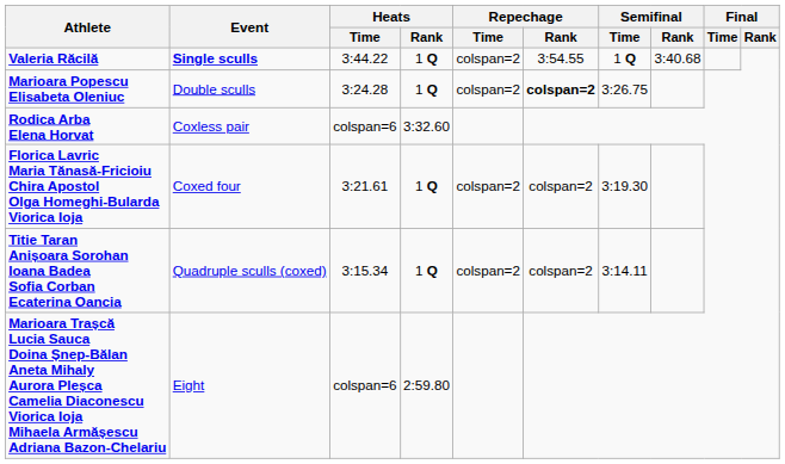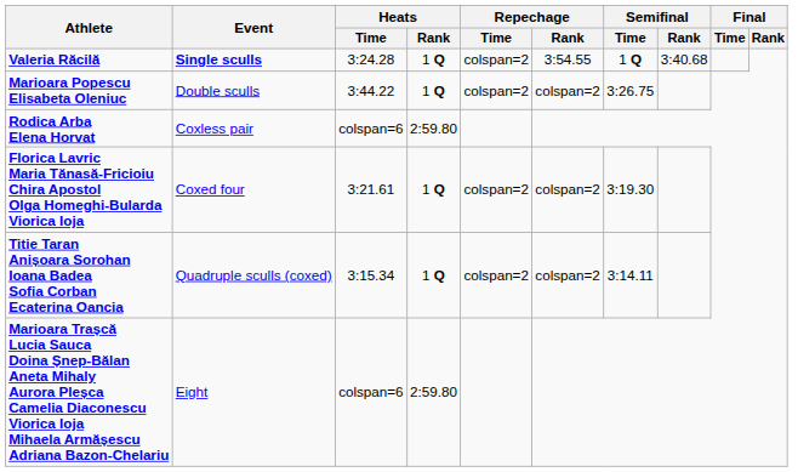 <table class="wikitable" style="font-size:90%">
 <tr>
 <th rowspan="2">Athlete</th>
 <th rowspan="2">Event</th>
 <th colspan="2">Heats</th>
 <th colspan="2">Repechage</th>
 <th colspan="2">Semifinal</th>
 <th colspan="2">Final</th>
 </tr>
 <tr style="font-size:95%">
 <th>Time</th>
 <th>Rank</th>
 <th>Time</th>
 <th>Rank</th>
 <th>Time</th>
 <th>Rank</th>
 <th>Time</th>
 <th>Rank</th>
 </tr>
 <tr align=center>
 <td align=left><strong><a href='#'>Valeria Răcilă </a></strong></td>
 <td align=left><strong><a href='#'>Single sculls</a></strong></td>
-<td>3:44.22</td>
+<td>3:24.28</td>
 <td>1 <strong>Q</strong></td>
 <td>colspan=2 </td>
 <td>3:54.55</td>
 <td>1 <strong>Q</strong></td>
 <td>3:40.68</td>
 <td></td>
 </tr>
 <tr align=center>
 <td align=left><strong><a href='#'>Marioara Popescu</a><br><a href='#'>Elisabeta Oleniuc </a></strong></td>
 <td align=left><a href='#'>Double sculls</a></td>
-<td>3:24.28</td>
+<td>3:44.22</td>
 <td>1 <strong>Q</strong></td>
 <td>colspan=2 </td>
-<td><strong>colspan=2 </strong></td>
+<td>colspan=2 </td>
 <td>3:26.75</td>
 <td></td>
 </tr>
 <tr align=center>
 <td align=left><strong><a href='#'>Rodica Arba</a><br><a href='#'>Elena Horvat</a></strong></td>
 <td align=left><a href='#'>Coxless pair</a></td>
 <td>colspan=6 </td>
-<td>3:32.60</td>
+<td>2:59.80</td>
 <td></td>
 </tr>
 <tr align=center>
 <td align=left><strong><a href='#'>Florica Lavric</a><br><a href='#'>Maria Tănasă-Fricioiu</a><br><a href='#'>Chira Apostol</a><br><a href='#'>Olga Homeghi-Bularda</a><br><a href='#'>Viorica Ioja</a></strong></td>
 <td align=left><a href='#'>Coxed four</a></td>
 <td>3:21.61</td>
 <td>1 <strong>Q</strong></td>
 <td>colspan=2 </td>
 <td>colspan=2 </td>
 <td>3:19.30</td>
 <td></td>
 </tr>
 <tr align=center>
 <td align=left><strong><a href='#'>Titie Taran</a><br><a href='#'>Anișoara Sorohan</a><br><a href='#'>Ioana Badea</a><br><a href='#'>Sofia Corban</a><br><a href='#'>Ecaterina Oancia</a></strong></td>
 <td align=left><a href='#'>Quadruple sculls (coxed)</a></td>
 <td>3:15.34</td>
 <td>1 <strong>Q</strong></td>
 <td>colspan=2 </td>
 <td>colspan=2 </td>
 <td>3:14.11</td>
 <td></td>
 </tr>
 <tr align=center>
 <td align=left><strong><a href='#'>Marioara Trașcă</a><br><a href='#'>Lucia Sauca</a><br><a href='#'>Doina Șnep-Bălan</a><br><a href='#'>Aneta Mihaly</a><br><a href='#'>Aurora Pleșca</a><br><a href='#'>Camelia Diaconescu</a><br><a href='#'>Viorica Ioja</a><br><a href='#'>Mihaela Armășescu</a><br><a href='#'>Adriana Bazon-Chelariu</a></strong></td>
 <td align=left><a href='#'>Eight</a></td>
 <td>colspan=6 </td>
 <td>2:59.80</td>
 <td></td>
 </tr>
 </table>
